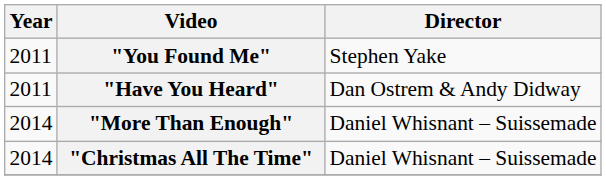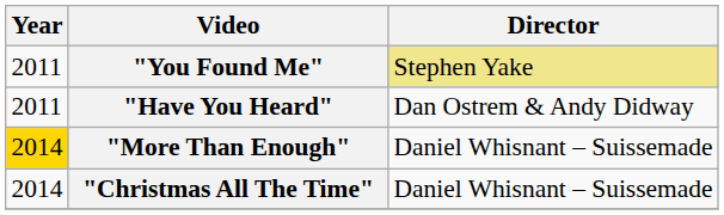 <table class="wikitable plainrowheaders">
 <tr>
 <th>Year</th>
 <th style="width:12em;">Video</th>
 <th>Director</th>
 </tr>
 <tr>
 <td>2011</td>
 <th scope="row">"You Found Me"</th>
-<td>Stephen Yake</td>
+<td style="background: khaki;">Stephen Yake</td>
 </tr>
 <tr>
 <td>2011</td>
 <th scope="row">"Have You Heard"</th>
 <td>Dan Ostrem & Andy Didway</td>
 </tr>
 <tr>
-<td>2014</td>
+<td style="background: gold;">2014</td>
 <th scope="row">"More Than Enough"</th>
 <td>Daniel Whisnant – Suissemade</td>
 </tr>
 <tr>
 <td>2014</td>
 <th scope="row">"Christmas All The Time"</th>
 <td>Daniel Whisnant – Suissemade</td>
 </tr>
 <tr>
 </tr>
 </table>
